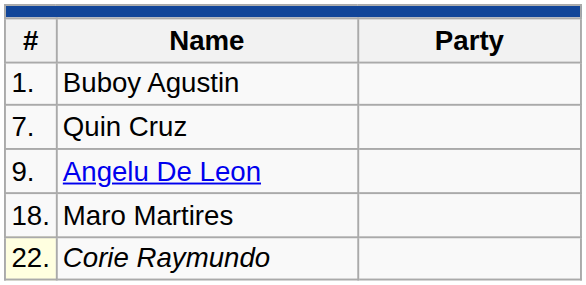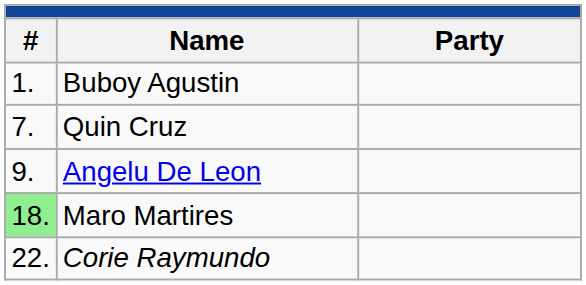 <table class=wikitable style="font-size:90%">
 <tr>
 <td colspan=4 bgcolor=#114599></td>
 </tr>
 <tr>
 <th>#</th>
 <th width=150px>Name</th>
 <th colspan=2 width=110px>Party</th>
 </tr>
 <tr>
 <td>1.</td>
 <td>Buboy Agustin</td>
 <td></td>
 </tr>
 <tr>
 <td>7.</td>
 <td>Quin Cruz</td>
 <td></td>
 </tr>
 <tr>
 <td>9.</td>
 <td><a href='#'>Angelu De Leon</a></td>
 <td></td>
 </tr>
 <tr>
-<td>18.</td>
+<td style="background: lightgreen;">18.</td>
 <td>Maro Martires</td>
 <td></td>
 </tr>
 <tr>
-<td style="background: lightyellow;">22.</td>
+<td>22.</td>
 <td><em>Corie Raymundo</em></td>
 <td></td>
 </tr>
 </table>
